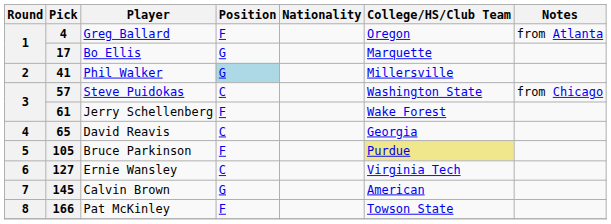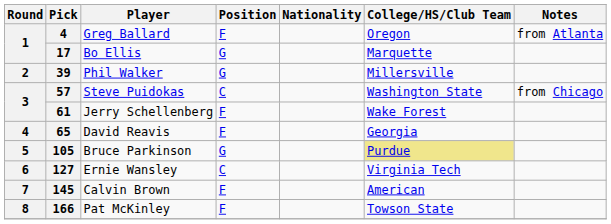 <table class="wikitable">
 <tr>
 <th>Round</th>
 <th>Pick</th>
 <th>Player</th>
 <th>Position</th>
 <th>Nationality</th>
 <th>College/HS/Club Team</th>
 <th>Notes</th>
 </tr>
 <tr>
 <th rowspan="2">1</th>
 <th>4</th>
 <td><a href='#'>Greg Ballard</a></td>
 <td><a href='#'>F</a></td>
 <td></td>
 <td><a href='#'>Oregon</a></td>
 <td>from <a href='#'>Atlanta</a></td>
 </tr>
 <tr>
 <th>17</th>
 <td><a href='#'>Bo Ellis</a></td>
 <td><a href='#'>G</a></td>
 <td></td>
 <td><a href='#'>Marquette</a></td>
 <td></td>
 </tr>
 <tr>
 <th>2</th>
-<th>41</th>
+<th>39</th>
 <td><a href='#'>Phil Walker</a></td>
-<td style="background: lightblue;"><a href='#'>G</a></td>
+<td><a href='#'>G</a></td>
 <td></td>
 <td><a href='#'>Millersville</a></td>
 <td></td>
 </tr>
 <tr>
 <th rowspan="2">3</th>
 <th>57</th>
 <td><a href='#'>Steve Puidokas</a></td>
 <td><a href='#'>C</a></td>
 <td></td>
 <td><a href='#'>Washington State</a></td>
 <td>from <a href='#'>Chicago</a></td>
 </tr>
 <tr>
 <th>61</th>
 <td>Jerry Schellenberg</td>
 <td><a href='#'>F</a></td>
 <td></td>
 <td><a href='#'>Wake Forest</a></td>
 <td></td>
 </tr>
 <tr>
 <th>4</th>
 <th>65</th>
 <td>David Reavis</td>
-<td><a href='#'>C</a></td>
+<td><a href='#'>F</a></td>
 <td></td>
 <td><a href='#'>Georgia</a></td>
 <td></td>
 </tr>
 <tr>
 <th>5</th>
 <th>105</th>
 <td>Bruce Parkinson</td>
-<td><a href='#'>F</a></td>
+<td><a href='#'>G</a></td>
 <td></td>
 <td style="background: khaki;"><a href='#'>Purdue</a></td>
 <td></td>
 </tr>
 <tr>
 <th>6</th>
 <th>127</th>
 <td>Ernie Wansley</td>
 <td><a href='#'>C</a></td>
 <td></td>
 <td><a href='#'>Virginia Tech</a></td>
 <td></td>
 </tr>
 <tr>
 <th>7</th>
 <th>145</th>
 <td>Calvin Brown</td>
-<td><a href='#'>G</a></td>
+<td><a href='#'>F</a></td>
 <td></td>
 <td><a href='#'>American</a></td>
 <td></td>
 </tr>
 <tr>
 <th>8</th>
 <th>166</th>
 <td>Pat McKinley</td>
 <td><a href='#'>F</a></td>
 <td></td>
 <td><a href='#'>Towson State</a></td>
 <td></td>
 </tr>
 <tr>
 </tr>
 </table>
